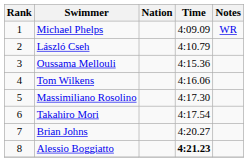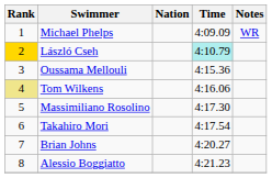 <table class="wikitable sortable" style="text-align:center">
 <tr>
 <th>Rank</th>
 <th>Swimmer</th>
 <th>Nation</th>
 <th>Time</th>
 <th>Notes</th>
 </tr>
 <tr>
 <td>1</td>
 <td align=left><a href='#'>Michael Phelps</a></td>
 <td align=left></td>
 <td>4:09.09</td>
 <td><a href='#'>WR</a></td>
 </tr>
 <tr>
-<td>2</td>
+<td style="background: gold;">2</td>
 <td align=left><a href='#'>László Cseh</a></td>
 <td align=left></td>
-<td>4:10.79</td>
+<td style="background: paleturquoise;">4:10.79</td>
 <td></td>
 </tr>
 <tr>
 <td>3</td>
 <td align=left><a href='#'>Oussama Mellouli</a></td>
 <td align=left></td>
 <td>4:15.36</td>
 <td></td>
 </tr>
 <tr>
-<td>4</td>
+<td style="background: khaki;">4</td>
 <td align=left><a href='#'>Tom Wilkens</a></td>
 <td align=left></td>
 <td>4:16.06</td>
 <td></td>
 </tr>
 <tr>
 <td>5</td>
 <td align=left><a href='#'>Massimiliano Rosolino</a></td>
 <td align=left></td>
 <td>4:17.30</td>
 <td></td>
 </tr>
 <tr>
 <td>6</td>
 <td align=left><a href='#'>Takahiro Mori</a></td>
 <td align=left></td>
 <td>4:17.54</td>
 <td></td>
 </tr>
 <tr>
 <td>7</td>
 <td align=left><a href='#'>Brian Johns</a></td>
 <td align=left></td>
 <td>4:20.27</td>
 <td></td>
 </tr>
 <tr>
 <td>8</td>
 <td align=left><a href='#'>Alessio Boggiatto</a></td>
 <td align=left></td>
-<td><strong>4:21.23</strong></td>
+<td>4:21.23</td>
 <td></td>
 </tr>
 <tr>
 </tr>
 </table>
